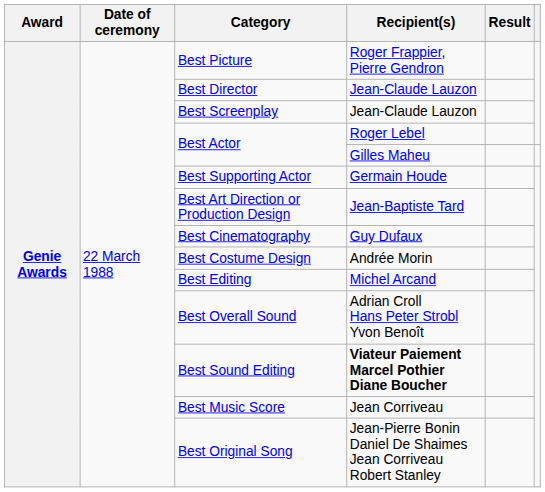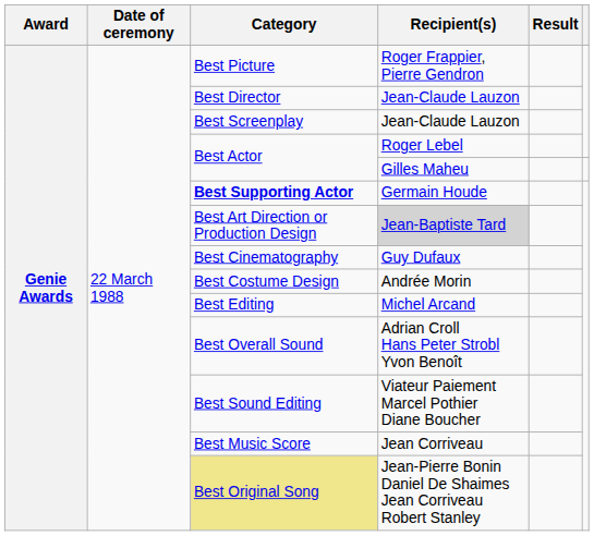 <table class="wikitable sortable plainrowheaders" style="width: 100%;">
 <tr>
 <th scope="col">Award</th>
 <th scope="col">Date of ceremony</th>
 <th scope="col">Category</th>
 <th scope="col">Recipient(s)</th>
 <th scope="col">Result</th>
 <th scope="col" class="unsortable"></th>
 </tr>
 <tr>
 <th rowspan="14"><a href='#'>Genie Awards</a></th>
 <td rowspan="14"><a href='#'>22 March 1988</a></td>
 <td><a href='#'>Best Picture</a></td>
 <td><a href='#'>Roger Frappier</a>, <a href='#'>Pierre Gendron</a></td>
 <td></td>
 <td rowspan=4></td>
 </tr>
 <tr>
 <td><a href='#'>Best Director</a></td>
 <td><a href='#'>Jean-Claude Lauzon</a></td>
 <td></td>
 </tr>
 <tr>
 <td><a href='#'>Best Screenplay</a></td>
 <td>Jean-Claude Lauzon</td>
 <td></td>
 </tr>
 <tr>
 <td rowspan=2><a href='#'>Best Actor</a></td>
 <td><a href='#'>Roger Lebel</a></td>
 <td></td>
 </tr>
 <tr>
 <td><a href='#'>Gilles Maheu</a></td>
 <td></td>
 <td></td>
 </tr>
 <tr>
-<td><a href='#'>Best Supporting Actor</a></td>
+<td><strong><a href='#'>Best Supporting Actor</a></strong></td>
 <td><a href='#'>Germain Houde</a></td>
 <td></td>
 <td rowspan=9></td>
 </tr>
 <tr>
 <td><a href='#'>Best Art Direction or Production Design</a></td>
-<td><a href='#'>Jean-Baptiste Tard</a></td>
+<td style="background: lightgrey;"><a href='#'>Jean-Baptiste Tard</a></td>
 <td></td>
 </tr>
 <tr>
 <td><a href='#'>Best Cinematography</a></td>
 <td><a href='#'>Guy Dufaux</a></td>
 <td></td>
 </tr>
 <tr>
 <td><a href='#'>Best Costume Design</a></td>
 <td>Andrée Morin</td>
 <td></td>
 </tr>
 <tr>
 <td><a href='#'>Best Editing</a></td>
 <td><a href='#'>Michel Arcand</a></td>
 <td></td>
 </tr>
 <tr>
 <td><a href='#'>Best Overall Sound</a></td>
 <td>Adrian Croll<br><a href='#'>Hans Peter Strobl</a><br>Yvon Benoît</td>
 <td></td>
 </tr>
 <tr>
 <td><a href='#'>Best Sound Editing</a></td>
-<td><strong>Viateur Paiement<br>Marcel Pothier<br>Diane Boucher</strong></td>
+<td>Viateur Paiement<br>Marcel Pothier<br>Diane Boucher</td>
 <td></td>
 </tr>
 <tr>
 <td><a href='#'>Best Music Score</a></td>
 <td>Jean Corriveau</td>
 <td></td>
 </tr>
 <tr>
-<td><a href='#'>Best Original Song</a></td>
+<td style="background: khaki;"><a href='#'>Best Original Song</a></td>
 <td>Jean-Pierre Bonin<br>Daniel De Shaimes<br>Jean Corriveau<br>Robert Stanley</td>
 <td></td>
 </tr>
 </table>
